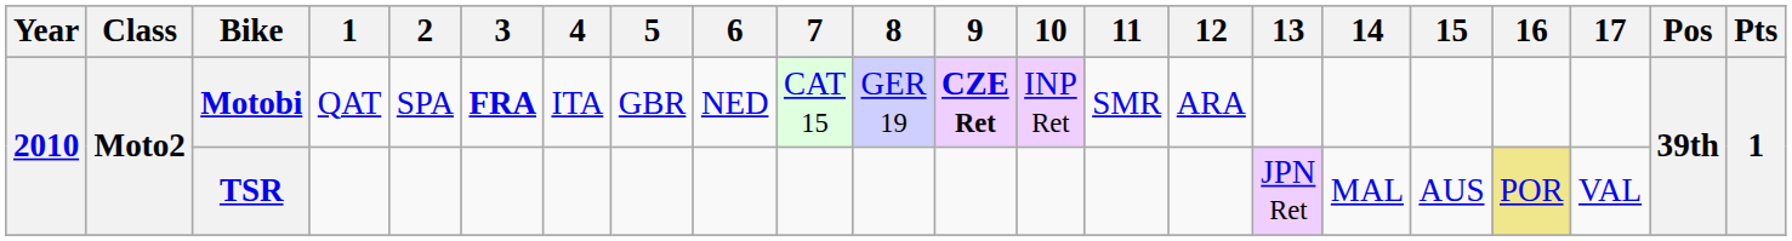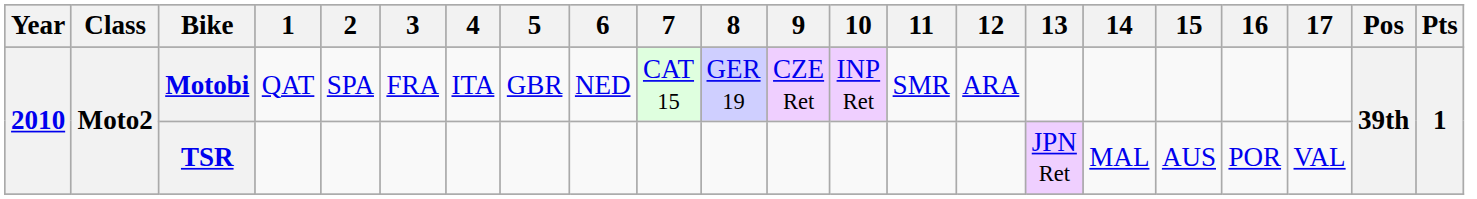 <table class="wikitable" style="text-align:center">
 <tr>
 <th>Year</th>
 <th>Class</th>
 <th>Bike</th>
 <th>1</th>
 <th>2</th>
 <th>3</th>
 <th>4</th>
 <th>5</th>
 <th>6</th>
 <th>7</th>
 <th>8</th>
 <th>9</th>
 <th>10</th>
 <th>11</th>
 <th>12</th>
 <th>13</th>
 <th>14</th>
 <th>15</th>
 <th>16</th>
 <th>17</th>
 <th>Pos</th>
 <th>Pts</th>
 </tr>
 <tr>
 <th align="left" rowspan=2><a href='#'>2010</a></th>
 <th align="left" rowspan=2>Moto2</th>
 <th align="left"><a href='#'>Motobi</a></th>
 <td><a href='#'>QAT</a></td>
 <td><a href='#'>SPA</a></td>
-<td><strong><a href='#'>FRA</a></strong></td>
+<td><a href='#'>FRA</a></td>
 <td><a href='#'>ITA</a></td>
 <td><a href='#'>GBR</a></td>
 <td><a href='#'>NED</a></td>
 <td style="background:#DFFFDF;"><a href='#'>CAT</a><br><small>15</small></td>
 <td style="background:#cfcfff;"><a href='#'>GER</a><br><small>19</small></td>
-<td style="background:#EFCFFF;"><strong><a href='#'>CZE</a><br><small>Ret</small></strong></td>
+<td style="background:#EFCFFF;"><a href='#'>CZE</a><br><small>Ret</small></td>
 <td style="background:#EFCFFF;"><a href='#'>INP</a><br><small>Ret</small></td>
 <td><a href='#'>SMR</a></td>
 <td><a href='#'>ARA</a></td>
 <td></td>
 <td></td>
 <td></td>
 <td></td>
 <td></td>
 <th rowspan=2>39th</th>
 <th rowspan=2>1</th>
 </tr>
 <tr>
 <th align="left"><a href='#'>TSR</a></th>
 <td></td>
 <td></td>
 <td></td>
 <td></td>
 <td></td>
 <td></td>
 <td></td>
 <td></td>
 <td></td>
 <td></td>
 <td></td>
 <td></td>
 <td style="background:#EFCFFF;"><a href='#'>JPN</a><br><small>Ret</small></td>
 <td><a href='#'>MAL</a></td>
 <td><a href='#'>AUS</a></td>
-<td style="background: khaki;"><a href='#'>POR</a></td>
+<td><a href='#'>POR</a></td>
 <td><a href='#'>VAL</a></td>
 </tr>
 </table>
